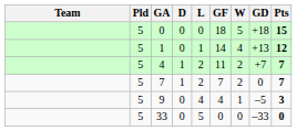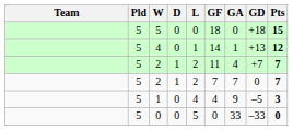 <table class="wikitable" style="text-align: center;">
 <tr>
 <th width="175">Team</th>
 <th width="20">Pld</th>
-<th width="20">GA</th>
+<th width="20">W</th>
 <th width="20">D</th>
 <th width="20">L</th>
 <th width="20">GF</th>
-<th width="20">W</th>
+<th width="20">GA</th>
 <th width="20">GD</th>
 <th width="20">Pts</th>
 </tr>
 <tr bgcolor=ccffcc>
 <td align=left></td>
 <td>5</td>
-<td>0</td>
+<td>5</td>
 <td>0</td>
 <td>0</td>
 <td>18</td>
-<td>5</td>
+<td>0</td>
 <td>+18</td>
 <td><strong>15</strong></td>
 </tr>
 <tr bgcolor=ccffcc>
 <td align=left></td>
 <td>5</td>
-<td>1</td>
+<td>4</td>
 <td>0</td>
 <td>1</td>
 <td>14</td>
-<td>4</td>
+<td>1</td>
 <td>+13</td>
 <td><strong>12</strong></td>
 </tr>
 <tr bgcolor=ccffcc>
 <td align=left></td>
 <td>5</td>
-<td>4</td>
+<td>2</td>
 <td>1</td>
 <td>2</td>
 <td>11</td>
-<td>2</td>
+<td>4</td>
 <td>+7</td>
 <td><strong>7</strong></td>
 </tr>
 <tr bgcolor=>
 <td align=left></td>
 <td>5</td>
-<td>7</td>
+<td>2</td>
 <td>1</td>
 <td>2</td>
 <td>7</td>
-<td>2</td>
+<td>7</td>
 <td>0</td>
 <td><strong>7</strong></td>
 </tr>
 <tr bgcolor=>
 <td align=left></td>
 <td>5</td>
-<td>9</td>
+<td>1</td>
 <td>0</td>
 <td>4</td>
 <td>4</td>
-<td>1</td>
+<td>9</td>
 <td>–5</td>
 <td><strong>3</strong></td>
 </tr>
 <tr bgcolor=>
 <td align=left></td>
 <td>5</td>
-<td>33</td>
+<td>0</td>
 <td>0</td>
 <td>5</td>
 <td>0</td>
-<td>0</td>
+<td>33</td>
 <td>–33</td>
 <td><strong>0</strong></td>
 </tr>
 </table>
